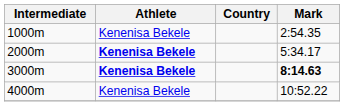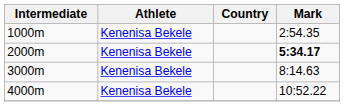 <table class="wikitable" width=50%>
 <tr>
 <th>Intermediate</th>
 <th>Athlete</th>
 <th>Country</th>
 <th>Mark</th>
 </tr>
 <tr>
 <td>1000m</td>
 <td><a href='#'>Kenenisa Bekele</a></td>
 <td></td>
 <td>2:54.35</td>
 </tr>
 <tr>
 <td>2000m</td>
-<td><strong><a href='#'>Kenenisa Bekele</a></strong></td>
+<td><a href='#'>Kenenisa Bekele</a></td>
 <td></td>
-<td>5:34.17</td>
+<td><strong>5:34.17</strong></td>
 </tr>
 <tr>
 <td>3000m</td>
-<td><strong><a href='#'>Kenenisa Bekele</a></strong></td>
+<td><a href='#'>Kenenisa Bekele</a></td>
 <td></td>
-<td><strong>8:14.63</strong></td>
+<td>8:14.63</td>
 </tr>
 <tr>
 <td>4000m</td>
 <td><a href='#'>Kenenisa Bekele</a></td>
 <td></td>
 <td>10:52.22</td>
 </tr>
 <tr>
 </tr>
 </table>
